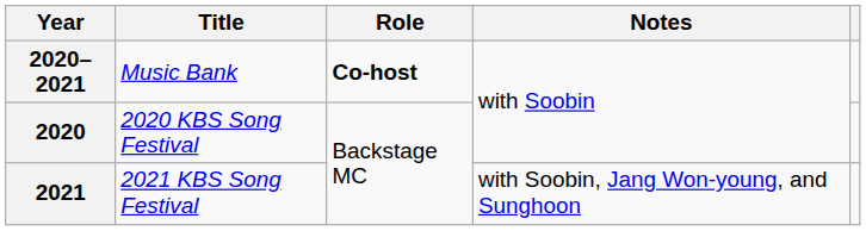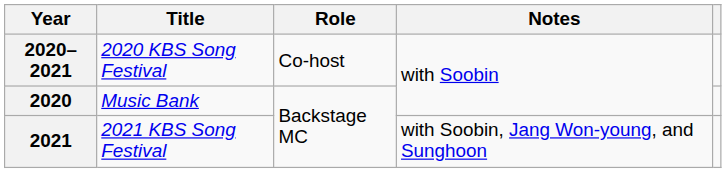 <table class="wikitable plainrowheaders sortable">
 <tr>
 <th scope="col">Year</th>
 <th scope="col">Title</th>
 <th scope="col">Role</th>
 <th scope="col">Notes</th>
 <th scope="col" class="unsortable"></th>
 </tr>
 <tr>
 <th scope="row">2020–2021</th>
-<td><em><a href='#'>Music Bank</a></em></td>
-<td><strong>Co-host</strong></td>
+<td><em><a href='#'>2020 KBS Song Festival</a></em></td>
+<td>Co-host</td>
 <td rowspan="2">with <a href='#'>Soobin</a></td>
 <td style="text-align:center"></td>
 </tr>
 <tr>
 <th scope="row">2020</th>
-<td><em><a href='#'>2020 KBS Song Festival</a></em></td>
+<td><em><a href='#'>Music Bank</a></em></td>
 <td rowspan="2">Backstage MC</td>
 <td style="text-align:center"></td>
 </tr>
 <tr>
 <th scope="row">2021</th>
 <td><em><a href='#'>2021 KBS Song Festival</a></em></td>
 <td>with Soobin, <a href='#'>Jang Won-young</a>, and <a href='#'>Sunghoon</a></td>
 <td style="text-align:center"></td>
 </tr>
 </table>
